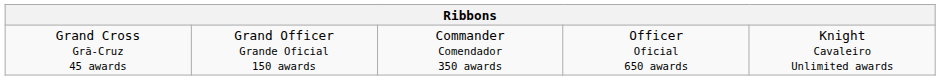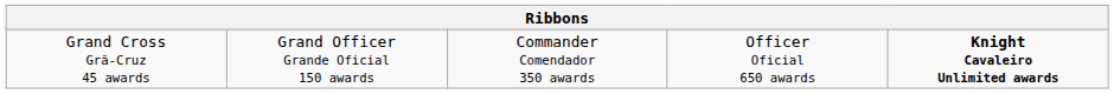 <table class="wikitable" style="width:60%; margin:auto;">
 <tr>
 <th colspan=5>Ribbons</th>
 </tr>
 <tr>
 <td width=20% valign=top align=center>Grand Cross<br><small>Grã-Cruz<br>45 awards</small></td>
 <td width=20% valign=top align=center>Grand Officer<br><small>Grande Oficial<br>150 awards</small></td>
 <td width=20% valign=top align=center>Commander<br><small>Comendador<br>350 awards</small></td>
 <td width=20% valign=top align=center>Officer<br><small>Oficial<br>650 awards</small></td>
-<td width=20% valign=top align=center>Knight<br><small>Cavaleiro<br>Unlimited awards</small></td>
+<td width=20% valign=top align=center><strong>Knight<br><small>Cavaleiro<br>Unlimited awards</small></strong></td>
 </tr>
 </table>
